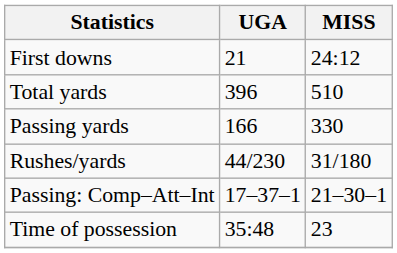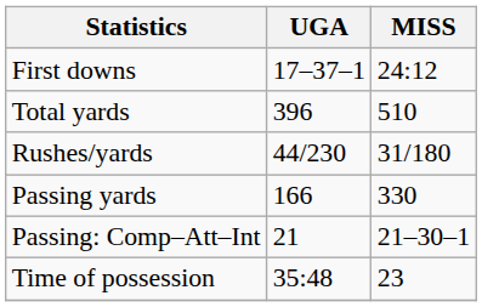 <table class="wikitable" style="float: left;">
 <tr>
 <th>Statistics</th>
 <th>UGA</th>
 <th>MISS</th>
 </tr>
 <tr>
 <td>First downs</td>
-<td>21</td>
+<td>17–37–1</td>
 <td>24:12</td>
 </tr>
 <tr>
 <td>Total yards</td>
 <td>396</td>
 <td>510</td>
 </tr>
 <tr>
+<td>Rushes/yards</td>
+<td>44/230</td>
+<td>31/180</td>
+</tr>
+<tr>
 <td>Passing yards</td>
 <td>166</td>
 <td>330</td>
 </tr>
 <tr>
-<td>Rushes/yards</td>
-<td>44/230</td>
-<td>31/180</td>
-</tr>
-<tr>
 <td>Passing: Comp–Att–Int</td>
-<td>17–37–1</td>
+<td>21</td>
 <td>21–30–1</td>
 </tr>
 <tr>
 <td>Time of possession</td>
 <td>35:48</td>
 <td>23</td>
 </tr>
 <tr>
 </tr>
 </table>
